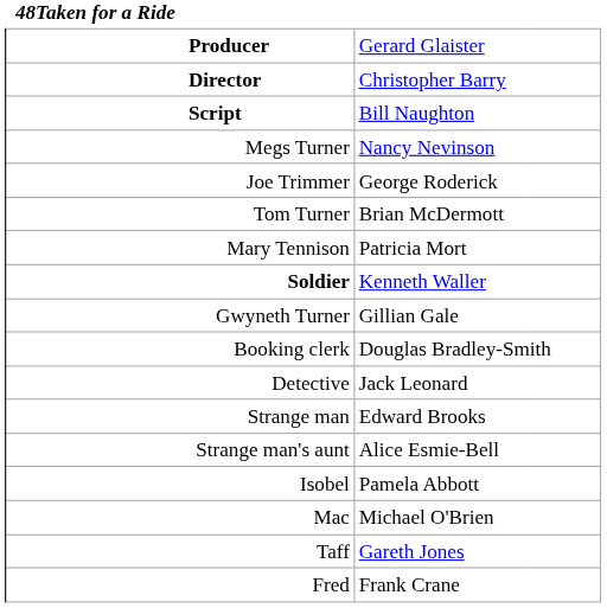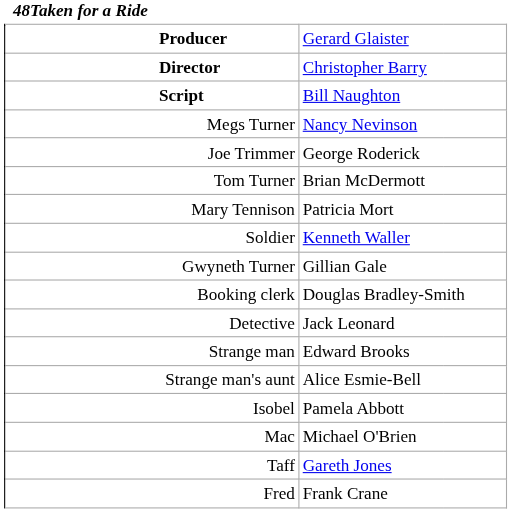 <table class="wikitable mw-collapsible mw-collapsed" style="vertical-align:top;margin:auto 2em;line-height:1.2;min-width:33em;display: inline-table;background-color:inherit;border:none;">
 <tr>
 <td class=unsortable style="border:hidden;line-height:1.67;text-align:center;margin-left:-1em;padding-left:0.5em;min-width:1.0em;"></td>
 <td class=unsortable style="border:none;padding-left:0.5em;text-align:left;min-width:16.5em;font-weight:700;font-style:italic;">48Taken for a Ride</td>
 <td class=unsortable style="border:none;text-align:right;font-weight:normal;font-family:Courier;font-size:95%;letter-spacing:-1pt;min-width:8.5em;padding-right:0.2em;"></td>
 <td class=unsortable style="border:hidden;min-width:3.5em;padding-left:0;"></td>
 <td class=unsortable style="border:hidden;min-width:3.5em;font-size:95%;"></td>
 </tr>
 <tr>
 <td rowspan=100 style="border:none thin;border-right-style :solid;"></td>
 </tr>
 <tr>
 <td style="text-align:left;padding-left:9.0em;font-weight:bold;">Producer</td>
 <td colspan=2><a href='#'>Gerard Glaister</a></td>
 </tr>
 <tr>
 <td style="text-align:left;padding-left:9.0em;font-weight:bold;">Director</td>
 <td colspan=2><a href='#'>Christopher Barry</a></td>
 </tr>
 <tr>
 <td style="text-align:left;padding-left:9.0em;font-weight:bold;">Script</td>
 <td colspan=2><a href='#'>Bill Naughton</a></td>
 </tr>
 <tr>
 <td style="text-align:right;">Megs Turner</td>
 <td colspan=2><a href='#'>Nancy Nevinson</a></td>
 </tr>
 <tr>
 <td style="text-align:right;">Joe Trimmer</td>
 <td colspan=2>George Roderick</td>
 </tr>
 <tr>
 <td style="text-align:right;">Tom Turner</td>
 <td colspan=2>Brian McDermott</td>
 </tr>
 <tr>
 <td style="text-align:right;">Mary Tennison</td>
 <td colspan=2>Patricia Mort</td>
 </tr>
 <tr>
-<td style="text-align:right;"><strong>Soldier</strong></td>
+<td style="text-align:right;">Soldier</td>
 <td colspan=2><a href='#'>Kenneth Waller</a></td>
 </tr>
 <tr>
 <td style="text-align:right;">Gwyneth Turner</td>
 <td colspan=2>Gillian Gale</td>
 </tr>
 <tr>
 <td style="text-align:right;">Booking clerk</td>
 <td colspan=2>Douglas Bradley-Smith</td>
 </tr>
 <tr>
 <td style="text-align:right;">Detective</td>
 <td colspan=2>Jack Leonard</td>
 </tr>
 <tr>
 <td style="text-align:right;">Strange man</td>
 <td colspan=2>Edward Brooks</td>
 </tr>
 <tr>
 <td style="text-align:right;">Strange man's aunt</td>
 <td colspan=2>Alice Esmie-Bell</td>
 </tr>
 <tr>
 <td style="text-align:right;">Isobel</td>
 <td colspan=2>Pamela Abbott</td>
 </tr>
 <tr>
 <td style="text-align:right;">Mac</td>
 <td colspan=2>Michael O'Brien</td>
 </tr>
 <tr>
 <td style="text-align:right;">Taff</td>
 <td colspan=2><a href='#'>Gareth Jones</a></td>
 </tr>
 <tr>
 <td style="text-align:right;">Fred</td>
 <td colspan=2>Frank Crane</td>
 </tr>
 </table>
